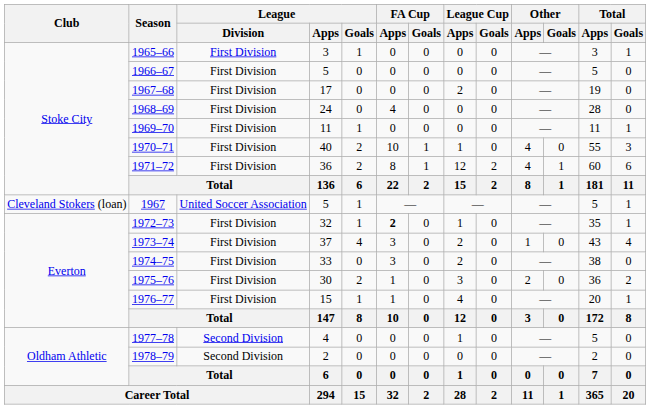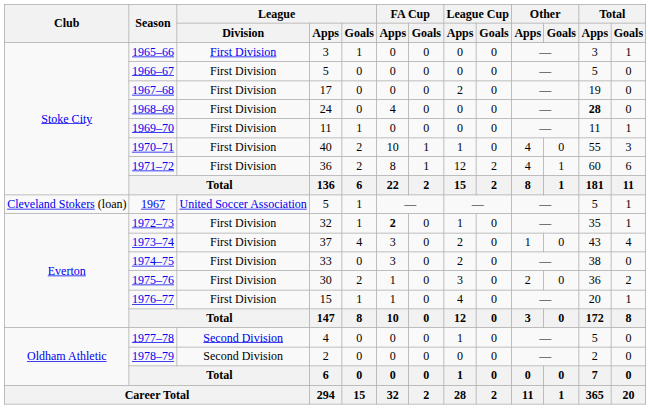 <table class="wikitable" style="text-align: center;">
 <tr>
 <th rowspan="2">Club</th>
 <th rowspan="2">Season</th>
 <th colspan="3">League</th>
 <th colspan="2">FA Cup</th>
 <th colspan="2">League Cup</th>
 <th colspan="2">Other</th>
 <th colspan="2">Total</th>
 </tr>
 <tr>
 <th>Division</th>
 <th>Apps</th>
 <th>Goals</th>
 <th>Apps</th>
 <th>Goals</th>
 <th>Apps</th>
 <th>Goals</th>
 <th>Apps</th>
 <th>Goals</th>
 <th>Apps</th>
 <th>Goals</th>
 </tr>
 <tr>
 <td rowspan="8"><a href='#'>Stoke City</a></td>
 <td><a href='#'>1965–66</a></td>
 <td><a href='#'>First Division</a></td>
 <td>3</td>
 <td>1</td>
 <td>0</td>
 <td>0</td>
 <td>0</td>
 <td>0</td>
 <td colspan="2">—</td>
 <td>3</td>
 <td>1</td>
 </tr>
 <tr>
 <td><a href='#'>1966–67</a></td>
 <td>First Division</td>
 <td>5</td>
 <td>0</td>
 <td>0</td>
 <td>0</td>
 <td>0</td>
 <td>0</td>
 <td colspan="2">—</td>
 <td>5</td>
 <td>0</td>
 </tr>
 <tr>
 <td><a href='#'>1967–68</a></td>
 <td>First Division</td>
 <td>17</td>
 <td>0</td>
 <td>0</td>
 <td>0</td>
 <td>2</td>
 <td>0</td>
 <td colspan="2">—</td>
 <td>19</td>
 <td>0</td>
 </tr>
 <tr>
 <td><a href='#'>1968–69</a></td>
 <td>First Division</td>
 <td>24</td>
 <td>0</td>
 <td>4</td>
 <td>0</td>
 <td>0</td>
 <td>0</td>
 <td colspan="2">—</td>
-<td>28</td>
+<td><strong>28</strong></td>
 <td>0</td>
 </tr>
 <tr>
 <td><a href='#'>1969–70</a></td>
 <td>First Division</td>
 <td>11</td>
 <td>1</td>
 <td>0</td>
 <td>0</td>
 <td>0</td>
 <td>0</td>
 <td colspan="2">—</td>
 <td>11</td>
 <td>1</td>
 </tr>
 <tr>
 <td><a href='#'>1970–71</a></td>
 <td>First Division</td>
 <td>40</td>
 <td>2</td>
 <td>10</td>
 <td>1</td>
 <td>1</td>
 <td>0</td>
 <td>4</td>
 <td>0</td>
 <td>55</td>
 <td>3</td>
 </tr>
 <tr>
 <td><a href='#'>1971–72</a></td>
 <td>First Division</td>
 <td>36</td>
 <td>2</td>
 <td>8</td>
 <td>1</td>
 <td>12</td>
 <td>2</td>
 <td>4</td>
 <td>1</td>
 <td>60</td>
 <td>6</td>
 </tr>
 <tr>
 <th colspan=2>Total</th>
 <th>136</th>
 <th>6</th>
 <th>22</th>
 <th>2</th>
 <th>15</th>
 <th>2</th>
 <th>8</th>
 <th>1</th>
 <th>181</th>
 <th>11</th>
 </tr>
 <tr>
 <td><a href='#'>Cleveland Stokers</a> (loan)</td>
 <td><a href='#'>1967</a></td>
 <td><a href='#'>United Soccer Association</a></td>
 <td>5</td>
 <td>1</td>
 <td colspan=2>—</td>
 <td colspan=2>—</td>
 <td colspan=2>—</td>
 <td>5</td>
 <td>1</td>
 </tr>
 <tr>
 <td rowspan="6"><a href='#'>Everton</a></td>
 <td><a href='#'>1972–73</a></td>
 <td>First Division</td>
 <td>32</td>
 <td>1</td>
 <td><strong>2</strong></td>
 <td>0</td>
 <td>1</td>
 <td>0</td>
 <td colspan="2">—</td>
 <td>35</td>
 <td>1</td>
 </tr>
 <tr>
 <td><a href='#'>1973–74</a></td>
 <td>First Division</td>
 <td>37</td>
 <td>4</td>
 <td>3</td>
 <td>0</td>
 <td>2</td>
 <td>0</td>
 <td>1</td>
 <td>0</td>
 <td>43</td>
 <td>4</td>
 </tr>
 <tr>
 <td><a href='#'>1974–75</a></td>
 <td>First Division</td>
 <td>33</td>
 <td>0</td>
 <td>3</td>
 <td>0</td>
 <td>2</td>
 <td>0</td>
 <td colspan="2">—</td>
 <td>38</td>
 <td>0</td>
 </tr>
 <tr>
 <td><a href='#'>1975–76</a></td>
 <td>First Division</td>
 <td>30</td>
 <td>2</td>
 <td>1</td>
 <td>0</td>
 <td>3</td>
 <td>0</td>
 <td>2</td>
 <td>0</td>
 <td>36</td>
 <td>2</td>
 </tr>
 <tr>
 <td><a href='#'>1976–77</a></td>
 <td>First Division</td>
 <td>15</td>
 <td>1</td>
 <td>1</td>
 <td>0</td>
 <td>4</td>
 <td>0</td>
 <td colspan="2">—</td>
 <td>20</td>
 <td>1</td>
 </tr>
 <tr>
 <th colspan=2>Total</th>
 <th>147</th>
 <th>8</th>
 <th>10</th>
 <th>0</th>
 <th>12</th>
 <th>0</th>
 <th>3</th>
 <th>0</th>
 <th>172</th>
 <th>8</th>
 </tr>
 <tr>
 <td rowspan="3"><a href='#'>Oldham Athletic</a></td>
 <td><a href='#'>1977–78</a></td>
 <td><a href='#'>Second Division</a></td>
 <td>4</td>
 <td>0</td>
 <td>0</td>
 <td>0</td>
 <td>1</td>
 <td>0</td>
 <td colspan="2">—</td>
 <td>5</td>
 <td>0</td>
 </tr>
 <tr>
 <td><a href='#'>1978–79</a></td>
 <td>Second Division</td>
 <td>2</td>
 <td>0</td>
 <td>0</td>
 <td>0</td>
 <td>0</td>
 <td>0</td>
 <td colspan="2">—</td>
 <td>2</td>
 <td>0</td>
 </tr>
 <tr>
 <th colspan=2>Total</th>
 <th>6</th>
 <th>0</th>
 <th>0</th>
 <th>0</th>
 <th>1</th>
 <th>0</th>
 <th>0</th>
 <th>0</th>
 <th>7</th>
 <th>0</th>
 </tr>
 <tr>
 <th colspan="3">Career Total</th>
 <th>294</th>
 <th>15</th>
 <th>32</th>
 <th>2</th>
 <th>28</th>
 <th>2</th>
 <th>11</th>
 <th>1</th>
 <th>365</th>
 <th>20</th>
 </tr>
 </table>
